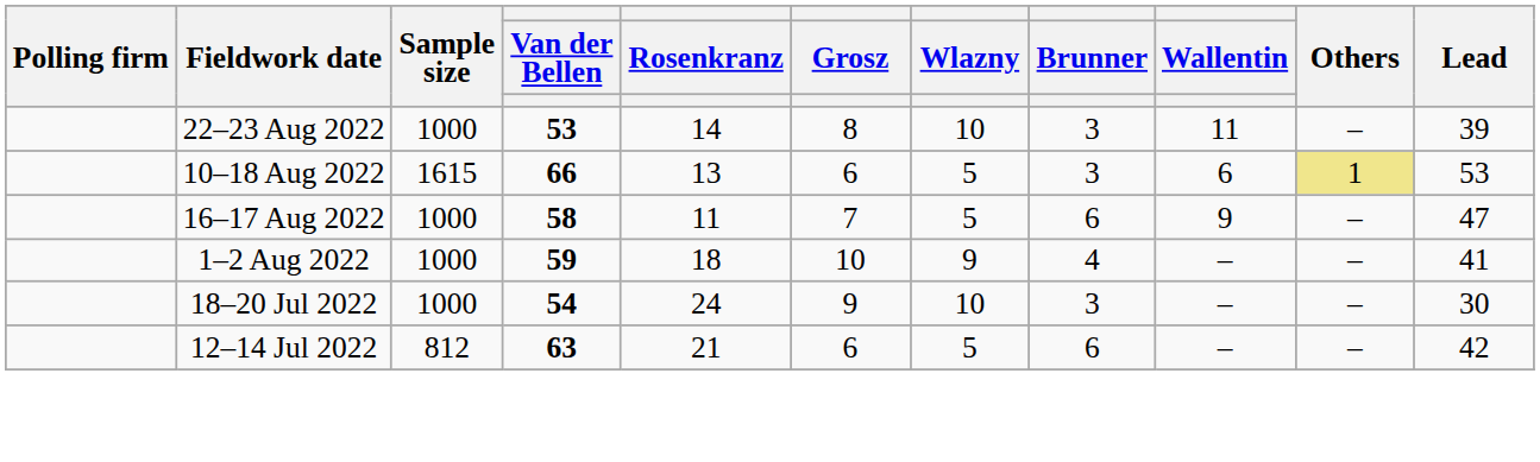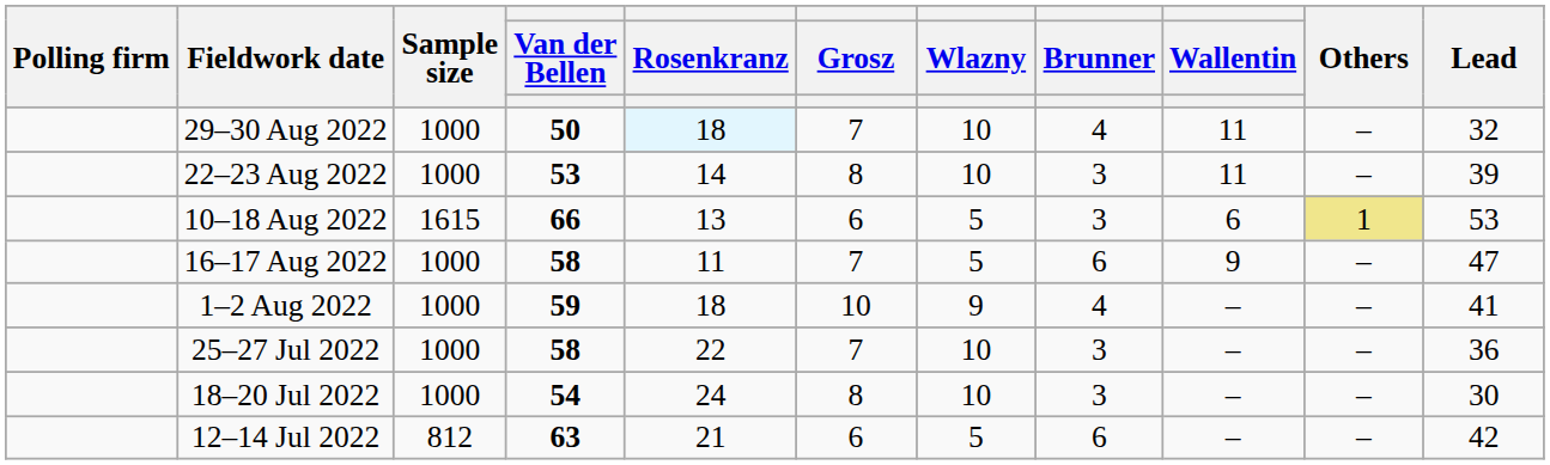 <table class="wikitable sortable tpl-blanktable" style="text-align:center;font-size:90%;line-height:14px;">
 <tr>
 <th rowspan="3">Polling firm</th>
 <th rowspan="3">Fieldwork date</th>
 <th rowspan="3">Sample<br>size</th>
 <th class="unsortable"></th>
 <th class="unsortable"></th>
 <th class="unsortable"></th>
 <th class="unsortable"></th>
 <th class="unsortable"></th>
 <th class="unsortable"></th>
 <th rowspan="3" class="unsortable" style="width:50px;">Others</th>
 <th rowspan="3" class="unsortable" style="width:50px;">Lead</th>
 </tr>
 <tr>
 <th class="unsortable" style="width:50px;"><a href='#'>Van der Bellen</a><br></th>
 <th class="unsortable" style="width:50px;"><a href='#'>Rosenkranz</a><br></th>
 <th class="unsortable" style="width:50px;"><a href='#'>Grosz</a><br></th>
 <th class="unsortable" style="width:50px;"><a href='#'>Wlazny</a><br></th>
 <th class="unsortable" style="width:50px;"><a href='#'>Brunner</a><br></th>
 <th class="unsortable" style="width:50px;"><a href='#'>Wallentin</a><br></th>
 </tr>
 <tr>
 <th style="background:"></th>
 <th style="background:"></th>
 <th style="background:"></th>
 <th style="background:"></th>
 <th style="background:"></th>
 <th style="background:"></th>
+</tr>
+<tr>
+<td></td>
+<td>29–30 Aug 2022</td>
+<td>1000</td>
+<td><strong>50</strong></td>
+<td style="background:#e2f6fe;">18</td>
+<td>7</td>
+<td>10</td>
+<td>4</td>
+<td>11</td>
+<td>–</td>
+<td style="background:">32</td>
 </tr>
 <tr>
 <td></td>
 <td>22–23 Aug 2022</td>
 <td>1000</td>
 <td><strong>53</strong></td>
 <td>14</td>
 <td>8</td>
 <td>10</td>
 <td>3</td>
 <td>11</td>
 <td>–</td>
 <td style="background:">39</td>
 </tr>
 <tr>
 <td></td>
 <td>10–18 Aug 2022</td>
 <td>1615</td>
 <td><strong>66</strong></td>
 <td>13</td>
 <td>6</td>
 <td>5</td>
 <td>3</td>
 <td>6</td>
 <td style="background: khaki;">1</td>
 <td style="background:">53</td>
 </tr>
 <tr>
 <td></td>
 <td>16–17 Aug 2022</td>
 <td>1000</td>
 <td><strong>58</strong></td>
 <td>11</td>
 <td>7</td>
 <td>5</td>
 <td>6</td>
 <td>9</td>
 <td>–</td>
 <td style="background:">47</td>
 </tr>
 <tr>
 <td></td>
 <td>1–2 Aug 2022</td>
 <td>1000</td>
 <td><strong>59</strong></td>
 <td>18</td>
 <td>10</td>
 <td>9</td>
 <td>4</td>
 <td>–</td>
 <td>–</td>
 <td style="background:">41</td>
 </tr>
 <tr>
 <td></td>
+<td>25–27 Jul 2022</td>
+<td>1000</td>
+<td><strong>58</strong></td>
+<td>22</td>
+<td>7</td>
+<td>10</td>
+<td>3</td>
+<td>–</td>
+<td>–</td>
+<td style="background:">36</td>
+</tr>
+<tr>
+<td></td>
 <td>18–20 Jul 2022</td>
 <td>1000</td>
 <td><strong>54</strong></td>
 <td>24</td>
-<td>9</td>
+<td>8</td>
 <td>10</td>
 <td>3</td>
 <td>–</td>
 <td>–</td>
 <td style="background:">30</td>
 </tr>
 <tr>
 <td></td>
 <td>12–14 Jul 2022</td>
 <td>812</td>
 <td><strong>63</strong></td>
 <td>21</td>
 <td>6</td>
 <td>5</td>
 <td>6</td>
 <td>–</td>
 <td>–</td>
 <td style="background:">42</td>
 </tr>
 </table>
